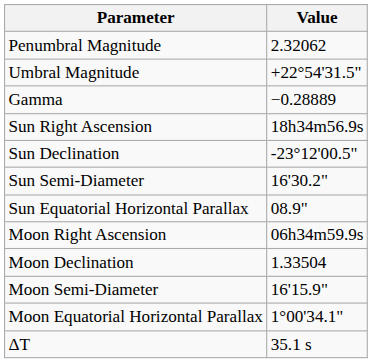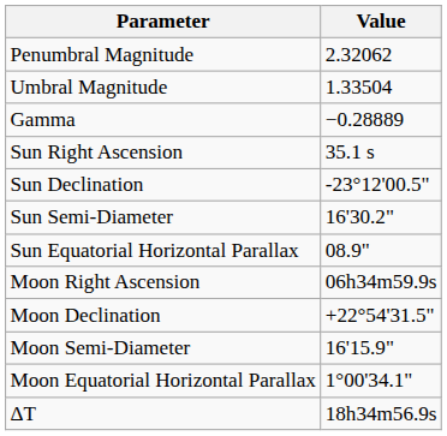 <table class="wikitable">
 <tr>
 <th>Parameter</th>
 <th>Value</th>
 </tr>
 <tr>
 <td>Penumbral Magnitude</td>
 <td>2.32062</td>
 </tr>
 <tr>
 <td>Umbral Magnitude</td>
-<td>+22°54'31.5"</td>
+<td>1.33504</td>
 </tr>
 <tr>
 <td>Gamma</td>
 <td>−0.28889</td>
 </tr>
 <tr>
 <td>Sun Right Ascension</td>
-<td>18h34m56.9s</td>
+<td>35.1 s</td>
 </tr>
 <tr>
 <td>Sun Declination</td>
 <td>-23°12'00.5"</td>
 </tr>
 <tr>
 <td>Sun Semi-Diameter</td>
 <td>16'30.2"</td>
 </tr>
 <tr>
 <td>Sun Equatorial Horizontal Parallax</td>
 <td>08.9"</td>
 </tr>
 <tr>
 <td>Moon Right Ascension</td>
 <td>06h34m59.9s</td>
 </tr>
 <tr>
 <td>Moon Declination</td>
-<td>1.33504</td>
+<td>+22°54'31.5"</td>
 </tr>
 <tr>
 <td>Moon Semi-Diameter</td>
 <td>16'15.9"</td>
 </tr>
 <tr>
 <td>Moon Equatorial Horizontal Parallax</td>
 <td>1°00'34.1"</td>
 </tr>
 <tr>
 <td>ΔT</td>
-<td>35.1 s</td>
+<td>18h34m56.9s</td>
 </tr>
 </table>
